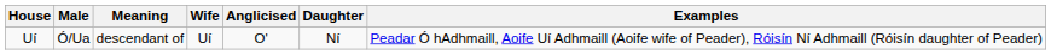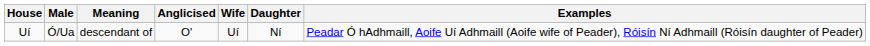 <table class="wikitable" align="center" style="text-align:center">
 <tr>
 <th>House</th>
 <th>Male</th>
 <th>Meaning</th>
+<th>Anglicised</th>
 <th>Wife</th>
-<th>Anglicised</th>
 <th>Daughter</th>
 <th>Examples</th>
 </tr>
 <tr>
 <td>Uí</td>
 <td>Ó/Ua</td>
 <td>descendant of</td>
+<td>O'</td>
 <td>Uí</td>
-<td>O'</td>
 <td>Ní</td>
 <td><a href='#'>Peadar</a> Ó hAdhmaill, <a href='#'>Aoife</a> Uí Adhmaill (Aoife wife of Peader), <a href='#'>Róisín</a> Ní Adhmaill (Róisín daughter of Peader)</td>
 </tr>
 </table>
